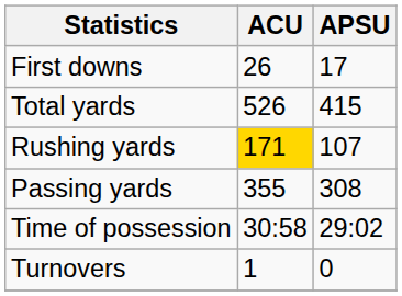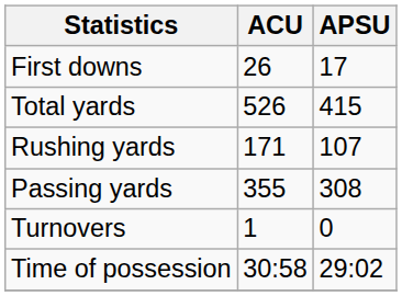 <table class="wikitable" style="float: left;">
 <tr>
 <th>Statistics</th>
 <th>ACU</th>
 <th>APSU</th>
 </tr>
 <tr>
 <td>First downs</td>
 <td>26</td>
 <td>17</td>
 </tr>
 <tr>
 <td>Total yards</td>
 <td>526</td>
 <td>415</td>
 </tr>
 <tr>
 <td>Rushing yards</td>
-<td style="background: gold;">171</td>
+<td>171</td>
 <td>107</td>
 </tr>
 <tr>
 <td>Passing yards</td>
 <td>355</td>
 <td>308</td>
 </tr>
 <tr>
+<td>Turnovers</td>
+<td>1</td>
+<td>0</td>
+</tr>
+<tr>
 <td>Time of possession</td>
 <td>30:58</td>
 <td>29:02</td>
 </tr>
 <tr>
-<td>Turnovers</td>
-<td>1</td>
-<td>0</td>
-</tr>
-<tr>
 </tr>
 </table>
